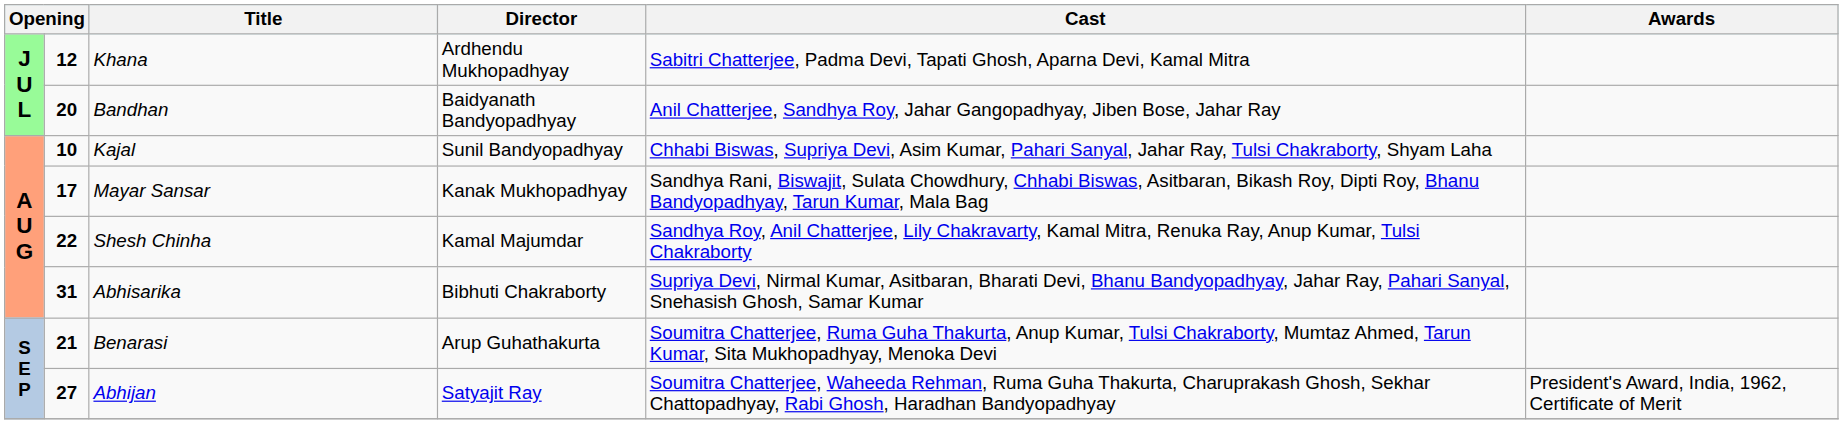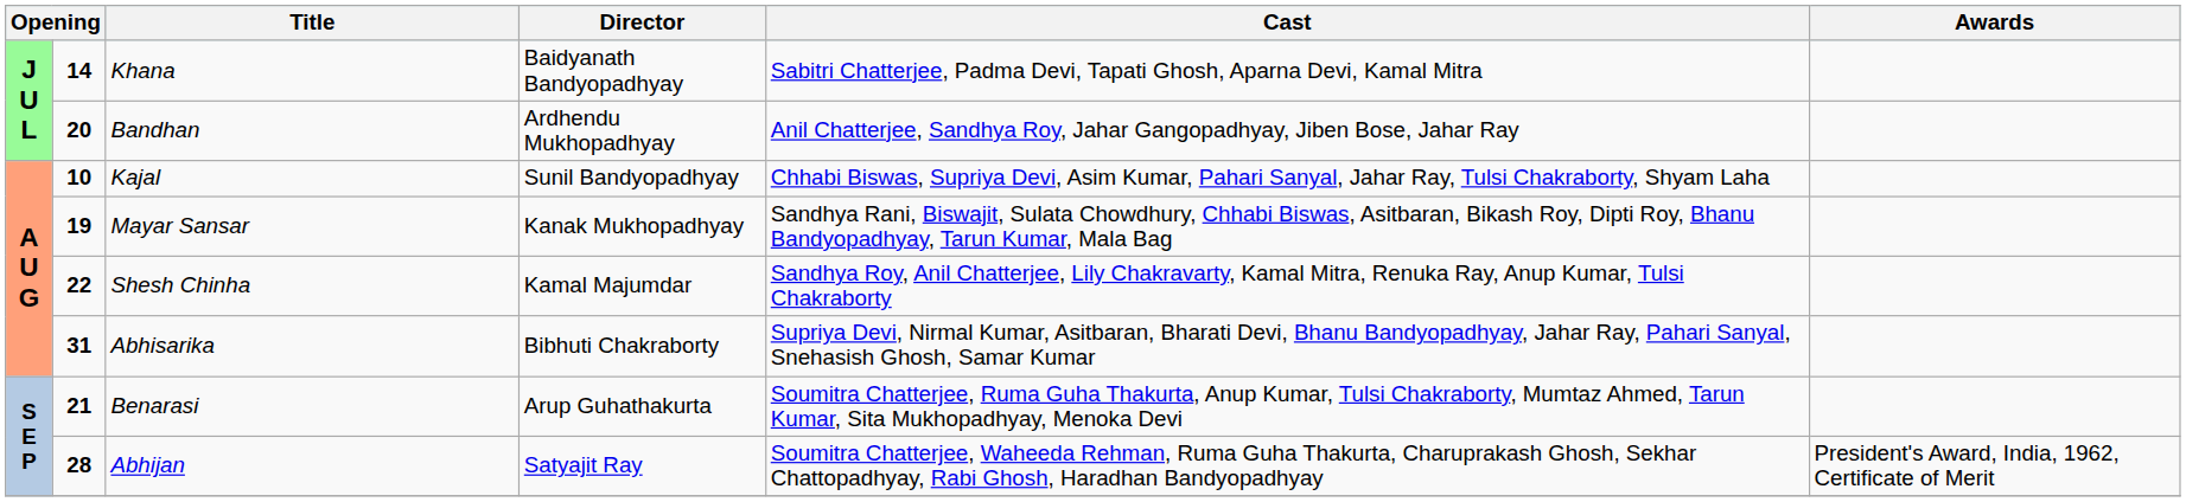 <table class="wikitable">
 <tr style="background:#b0e0e6; text-align:center;">
 <th colspan="2">Opening</th>
 <th style="width:19%;">Title</th>
 <th>Director</th>
 <th>Cast</th>
 <th>Awards</th>
 </tr>
 <tr>
 <td rowspan="2"   style="text-align:center; background:#98fb98; textcolor:#000;"><big> <strong>J<br>U<br>L</strong> </big></td>
-<td rowspan="1" style="text-align:center;"><strong>12</strong></td>
+<td rowspan="1" style="text-align:center;"><strong>14</strong></td>
 <td><em>Khana</em></td>
-<td>Ardhendu Mukhopadhyay</td>
+<td>Baidyanath Bandyopadhyay</td>
 <td><a href='#'>Sabitri Chatterjee</a>, Padma Devi, Tapati Ghosh, Aparna Devi, Kamal Mitra</td>
 <td></td>
 </tr>
 <tr>
 <td rowspan="1" style="text-align:center;"><strong>20</strong></td>
 <td><em>Bandhan</em></td>
-<td>Baidyanath Bandyopadhyay</td>
+<td>Ardhendu Mukhopadhyay</td>
 <td><a href='#'>Anil Chatterjee</a>, <a href='#'>Sandhya Roy</a>, Jahar Gangopadhyay, Jiben Bose, Jahar Ray</td>
 <td></td>
 </tr>
 <tr>
 <td rowspan="4"   style="text-align:center; background:#ffa07a; textcolor:#000;"><big> <strong>A<br>U<br>G</strong></big></td>
 <td rowspan="1" style="text-align:center;"><strong>10</strong></td>
 <td><em>Kajal</em></td>
 <td>Sunil Bandyopadhyay</td>
 <td><a href='#'>Chhabi Biswas</a>, <a href='#'>Supriya Devi</a>, Asim Kumar, <a href='#'>Pahari Sanyal</a>, Jahar Ray, <a href='#'>Tulsi Chakraborty</a>, Shyam Laha</td>
 <td></td>
 </tr>
 <tr>
-<td rowspan="1" style="text-align:center;"><strong>17</strong></td>
+<td rowspan="1" style="text-align:center;"><strong>19</strong></td>
 <td><em>Mayar Sansar</em></td>
 <td>Kanak Mukhopadhyay</td>
 <td>Sandhya Rani, <a href='#'>Biswajit</a>, Sulata Chowdhury, <a href='#'>Chhabi Biswas</a>, Asitbaran, Bikash Roy, Dipti Roy, <a href='#'>Bhanu Bandyopadhyay</a>, <a href='#'>Tarun Kumar</a>, Mala Bag</td>
 <td></td>
 </tr>
 <tr>
 <td rowspan="1" style="text-align:center;"><strong>22</strong></td>
 <td><em>Shesh Chinha</em></td>
 <td>Kamal Majumdar</td>
 <td><a href='#'>Sandhya Roy</a>, <a href='#'>Anil Chatterjee</a>, <a href='#'>Lily Chakravarty</a>, Kamal Mitra, Renuka Ray, Anup Kumar, <a href='#'>Tulsi Chakraborty</a></td>
 <td></td>
 </tr>
 <tr>
 <td rowspan="1" style="text-align:center;"><strong>31</strong></td>
 <td><em>Abhisarika</em></td>
 <td>Bibhuti Chakraborty</td>
 <td><a href='#'>Supriya Devi</a>, Nirmal Kumar, Asitbaran, Bharati Devi, <a href='#'>Bhanu Bandyopadhyay</a>, Jahar Ray, <a href='#'>Pahari Sanyal</a>, Snehasish Ghosh, Samar Kumar</td>
 <td></td>
 </tr>
 <tr>
 <td rowspan="2" style="text-align:center; background:#b4cae3;"><strong>S<br>E<br>P</strong></td>
 <td rowspan="1" style="text-align:center;"><strong>21</strong></td>
 <td><em>Benarasi</em></td>
 <td>Arup Guhathakurta</td>
 <td><a href='#'>Soumitra Chatterjee</a>, <a href='#'>Ruma Guha Thakurta</a>, Anup Kumar, <a href='#'>Tulsi Chakraborty</a>, Mumtaz Ahmed, <a href='#'>Tarun Kumar</a>, Sita Mukhopadhyay, Menoka Devi</td>
 <td></td>
 </tr>
 <tr>
-<td rowspan="1" style="text-align:center;"><strong>27</strong></td>
+<td rowspan="1" style="text-align:center;"><strong>28</strong></td>
 <td><em><a href='#'>Abhijan</a></em></td>
 <td><a href='#'>Satyajit Ray</a></td>
 <td><a href='#'>Soumitra Chatterjee</a>, <a href='#'>Waheeda Rehman</a>, Ruma Guha Thakurta, Charuprakash Ghosh, Sekhar Chattopadhyay, <a href='#'>Rabi Ghosh</a>, Haradhan Bandyopadhyay</td>
 <td>President's Award, India, 1962, Certificate of Merit</td>
 </tr>
 <tr>
 </tr>
 </table>
